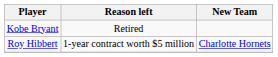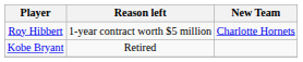 <table class="wikitable sortable sortable">
 <tr>
 <th>Player</th>
 <th>Reason left</th>
 <th>New Team</th>
 </tr>
 <tr style="text-align: center">
+<td><a href='#'>Roy Hibbert</a></td>
+<td>1-year contract worth $5 million</td>
+<td><a href='#'>Charlotte Hornets</a></td>
+</tr>
+<tr style="text-align: center">
 <td><a href='#'>Kobe Bryant</a></td>
 <td>Retired</td>
 <td></td>
 </tr>
 <tr style="text-align: center">
-<td><a href='#'>Roy Hibbert</a></td>
-<td>1-year contract worth $5 million</td>
-<td><a href='#'>Charlotte Hornets</a></td>
-</tr>
-<tr style="text-align: center">
 </tr>
 </table>
